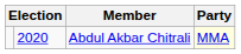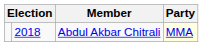 <table class="wikitable">
 <tr>
 <th colspan="2">Election</th>
 <th>Member</th>
 <th>Party</th>
 </tr>
 <tr>
 <td style="background-color: "></td>
-<td><a href='#'>2020</a></td>
+<td><a href='#'>2018</a></td>
 <td><a href='#'>Abdul Akbar Chitrali</a></td>
 <td style="background: lightyellow;"><a href='#'>MMA</a></td>
 </tr>
 </table>
